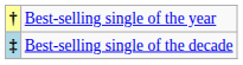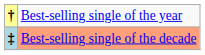 <table class="wikitable plainrowheaders" style="font-size:90%;">
 <tr>
 <th scope=row style="background-color:#FFFF99">†</th>
 <td><a href='#'>Best-selling single of the year</a></td>
 </tr>
 <tr>
 <th scope=row style="background-color:lightblue">‡</th>
-<td><a href='#'>Best-selling single of the decade</a></td>
+<td style="background: lightsalmon;"><a href='#'>Best-selling single of the decade</a></td>
 </tr>
 <tr>
 </tr>
 </table>
